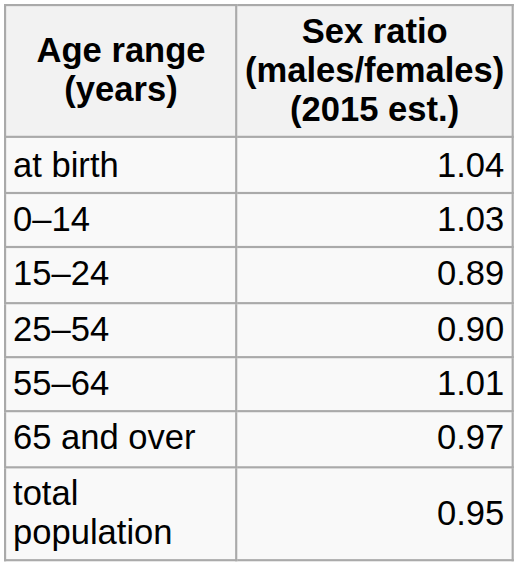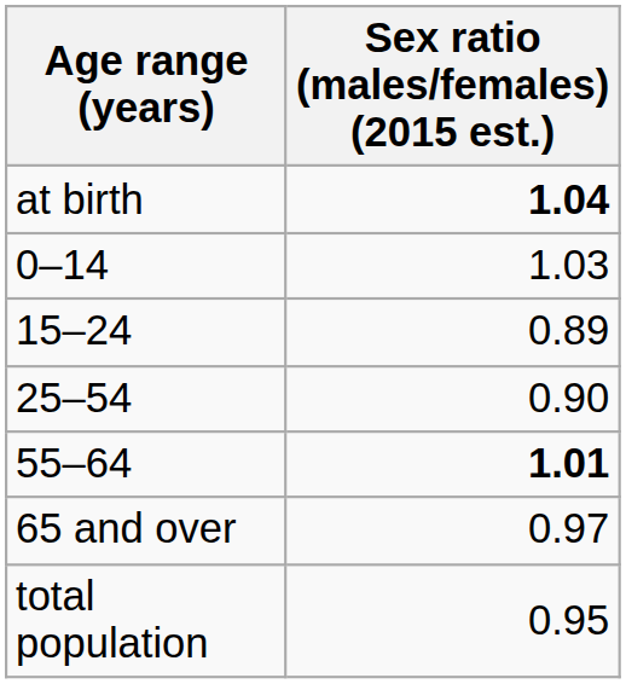 <table class="wikitable sortable static-row-numbers static-row-header-text">
 <tr>
 <th width="100pt">Age range (years)</th>
 <th width="100pt">Sex ratio (males/females) (2015 est.)</th>
 </tr>
 <tr>
 <td>at birth</td>
-<td align="right">1.04</td>
+<td align="right"><strong>1.04</strong></td>
 </tr>
 <tr>
 <td>0–14</td>
 <td align="right">1.03</td>
 </tr>
 <tr>
 <td>15–24</td>
 <td align="right">0.89</td>
 </tr>
 <tr>
 <td>25–54</td>
 <td align="right">0.90</td>
 </tr>
 <tr>
 <td>55–64</td>
-<td align="right">1.01</td>
+<td align="right"><strong>1.01</strong></td>
 </tr>
 <tr>
 <td>65 and over</td>
 <td align="right">0.97</td>
 </tr>
 <tr>
 <td>total population</td>
 <td align="right">0.95</td>
 </tr>
 </table>
